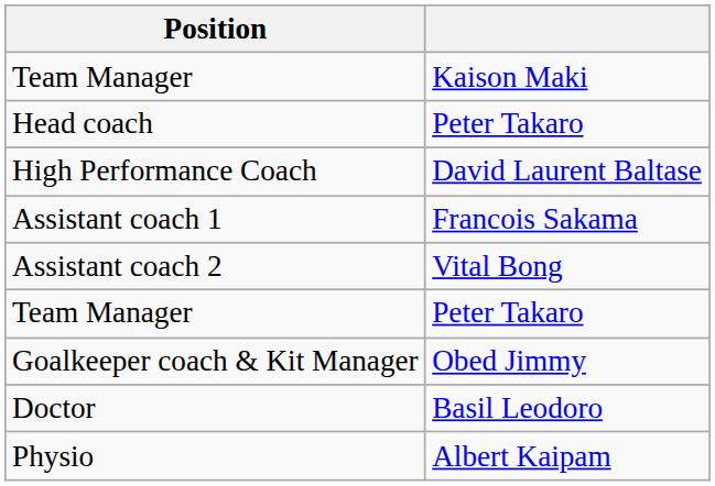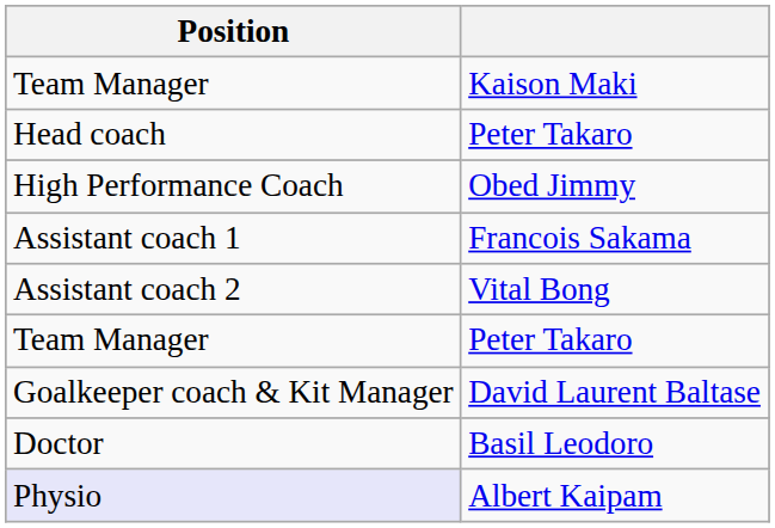 <table class="wikitable">
 <tr>
 <th>Position</th>
 <th></th>
 </tr>
 <tr>
 <td>Team Manager</td>
 <td> <a href='#'>Kaison Maki</a></td>
 </tr>
 <tr>
 <td>Head coach</td>
 <td> <a href='#'>Peter Takaro</a></td>
 </tr>
 <tr>
 <td>High Performance Coach</td>
-<td> <a href='#'>David Laurent Baltase</a></td>
+<td> <a href='#'>Obed Jimmy</a></td>
 </tr>
 <tr>
 <td>Assistant coach 1</td>
 <td> <a href='#'>Francois Sakama</a></td>
 </tr>
 <tr>
 <td>Assistant coach 2</td>
 <td> <a href='#'>Vital Bong</a></td>
 </tr>
 <tr>
 <td>Team Manager</td>
 <td> <a href='#'>Peter Takaro</a></td>
 </tr>
 <tr>
 <td>Goalkeeper coach & Kit Manager</td>
-<td> <a href='#'>Obed Jimmy</a></td>
+<td> <a href='#'>David Laurent Baltase</a></td>
 </tr>
 <tr>
 <td>Doctor</td>
 <td> <a href='#'>Basil Leodoro</a></td>
 </tr>
 <tr>
-<td>Physio</td>
+<td style="background: lavender;">Physio</td>
 <td> <a href='#'>Albert Kaipam</a></td>
 </tr>
 </table>
